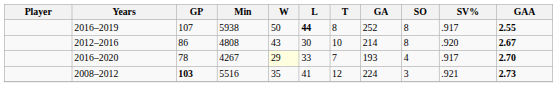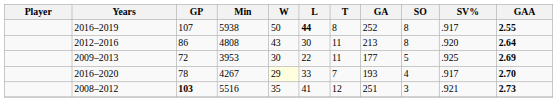 <table class="wikitable sortable" width = 900>
 <tr>
 <th>Player</th>
 <th>Years</th>
 <th>GP</th>
 <th>Min</th>
 <th>W</th>
 <th>L</th>
 <th>T</th>
 <th>GA</th>
 <th>SO</th>
 <th>SV%</th>
 <th>GAA</th>
 </tr>
 <tr>
 <td></td>
 <td>2016–2019</td>
 <td>107</td>
 <td>5938</td>
 <td>50</td>
 <td><strong>44</strong></td>
 <td>8</td>
 <td>252</td>
 <td>8</td>
 <td>.917</td>
 <td><strong>2.55</strong></td>
 </tr>
 <tr>
 <td></td>
 <td>2012–2016</td>
 <td>86</td>
 <td>4808</td>
 <td>43</td>
 <td>30</td>
-<td>10</td>
-<td>214</td>
+<td>11</td>
+<td>213</td>
 <td>8</td>
 <td>.920</td>
-<td><strong>2.67</strong></td>
+<td><strong>2.64</strong></td>
+</tr>
+<tr>
+<td></td>
+<td>2009–2013</td>
+<td>72</td>
+<td>3953</td>
+<td>30</td>
+<td>22</td>
+<td>11</td>
+<td>177</td>
+<td>5</td>
+<td>.925</td>
+<td><strong>2.69</strong></td>
 </tr>
 <tr>
 <td></td>
 <td>2016–2020</td>
 <td>78</td>
 <td>4267</td>
 <td style="background: lightyellow;">29</td>
 <td>33</td>
 <td>7</td>
 <td>193</td>
 <td>4</td>
 <td>.917</td>
 <td><strong>2.70</strong></td>
 </tr>
 <tr>
 <td></td>
 <td>2008–2012</td>
 <td><strong>103</strong></td>
 <td>5516</td>
 <td>35</td>
 <td>41</td>
 <td>12</td>
-<td>224</td>
+<td>251</td>
 <td>3</td>
 <td>.921</td>
 <td><strong>2.73</strong></td>
 </tr>
 <tr>
 </tr>
 </table>
